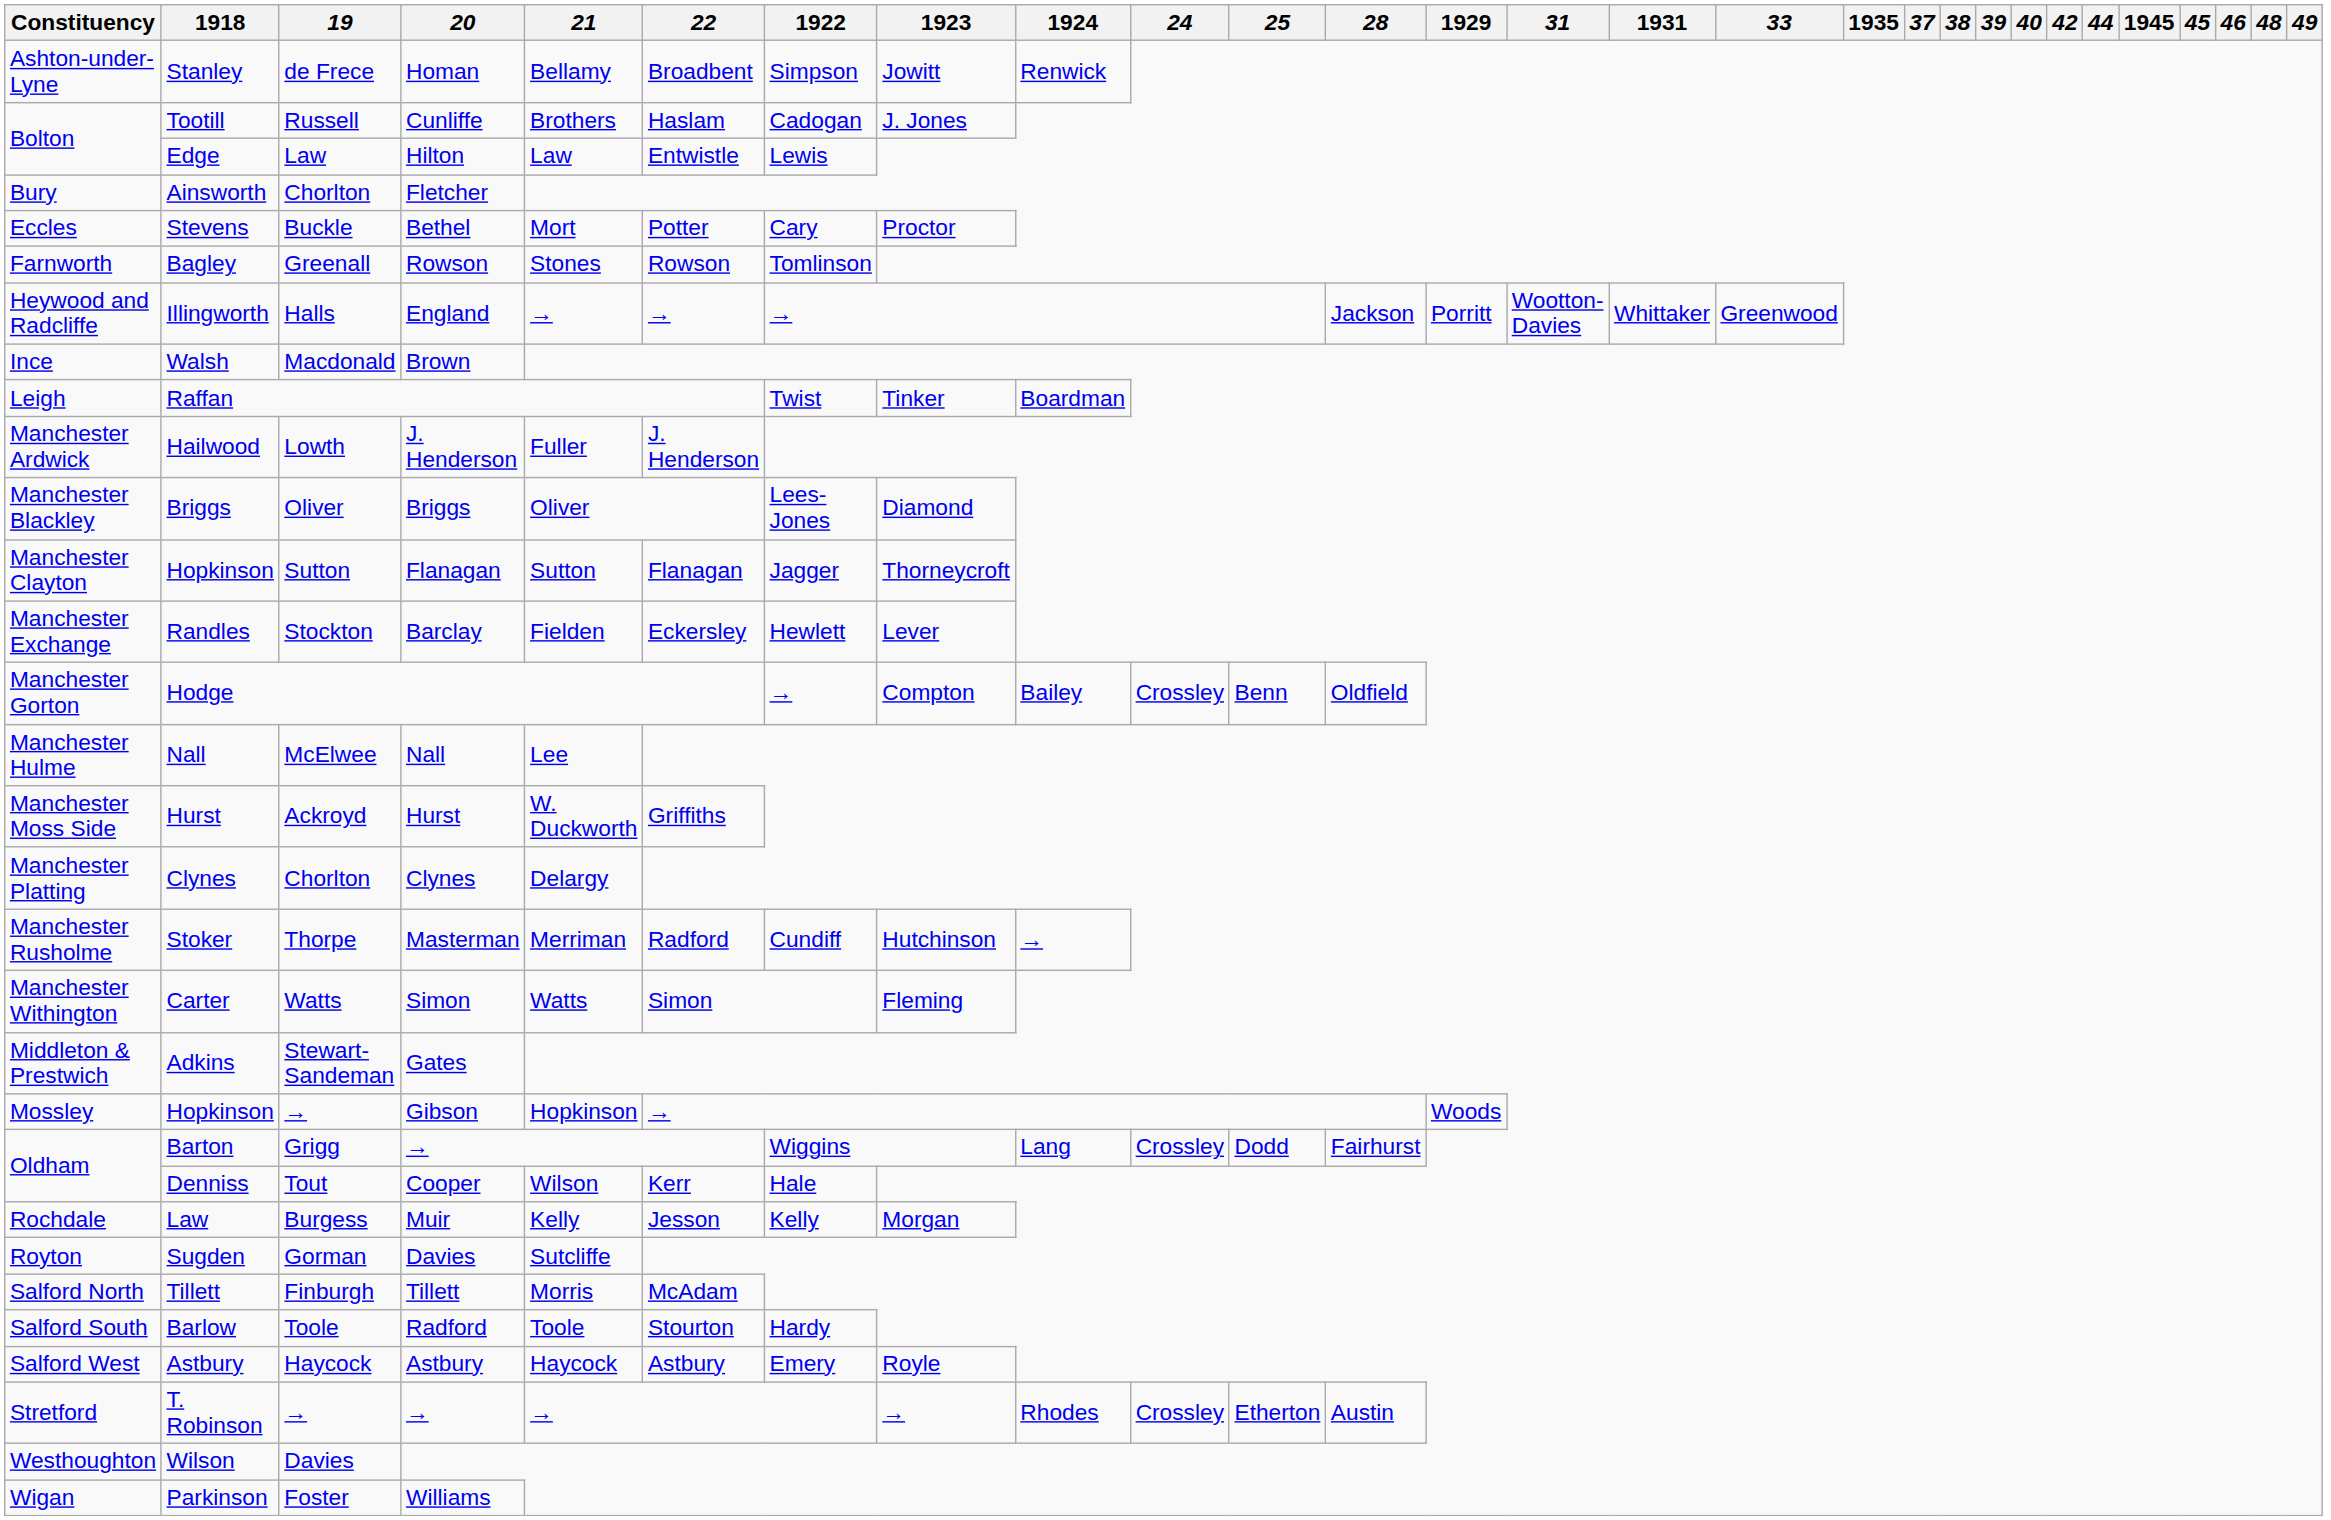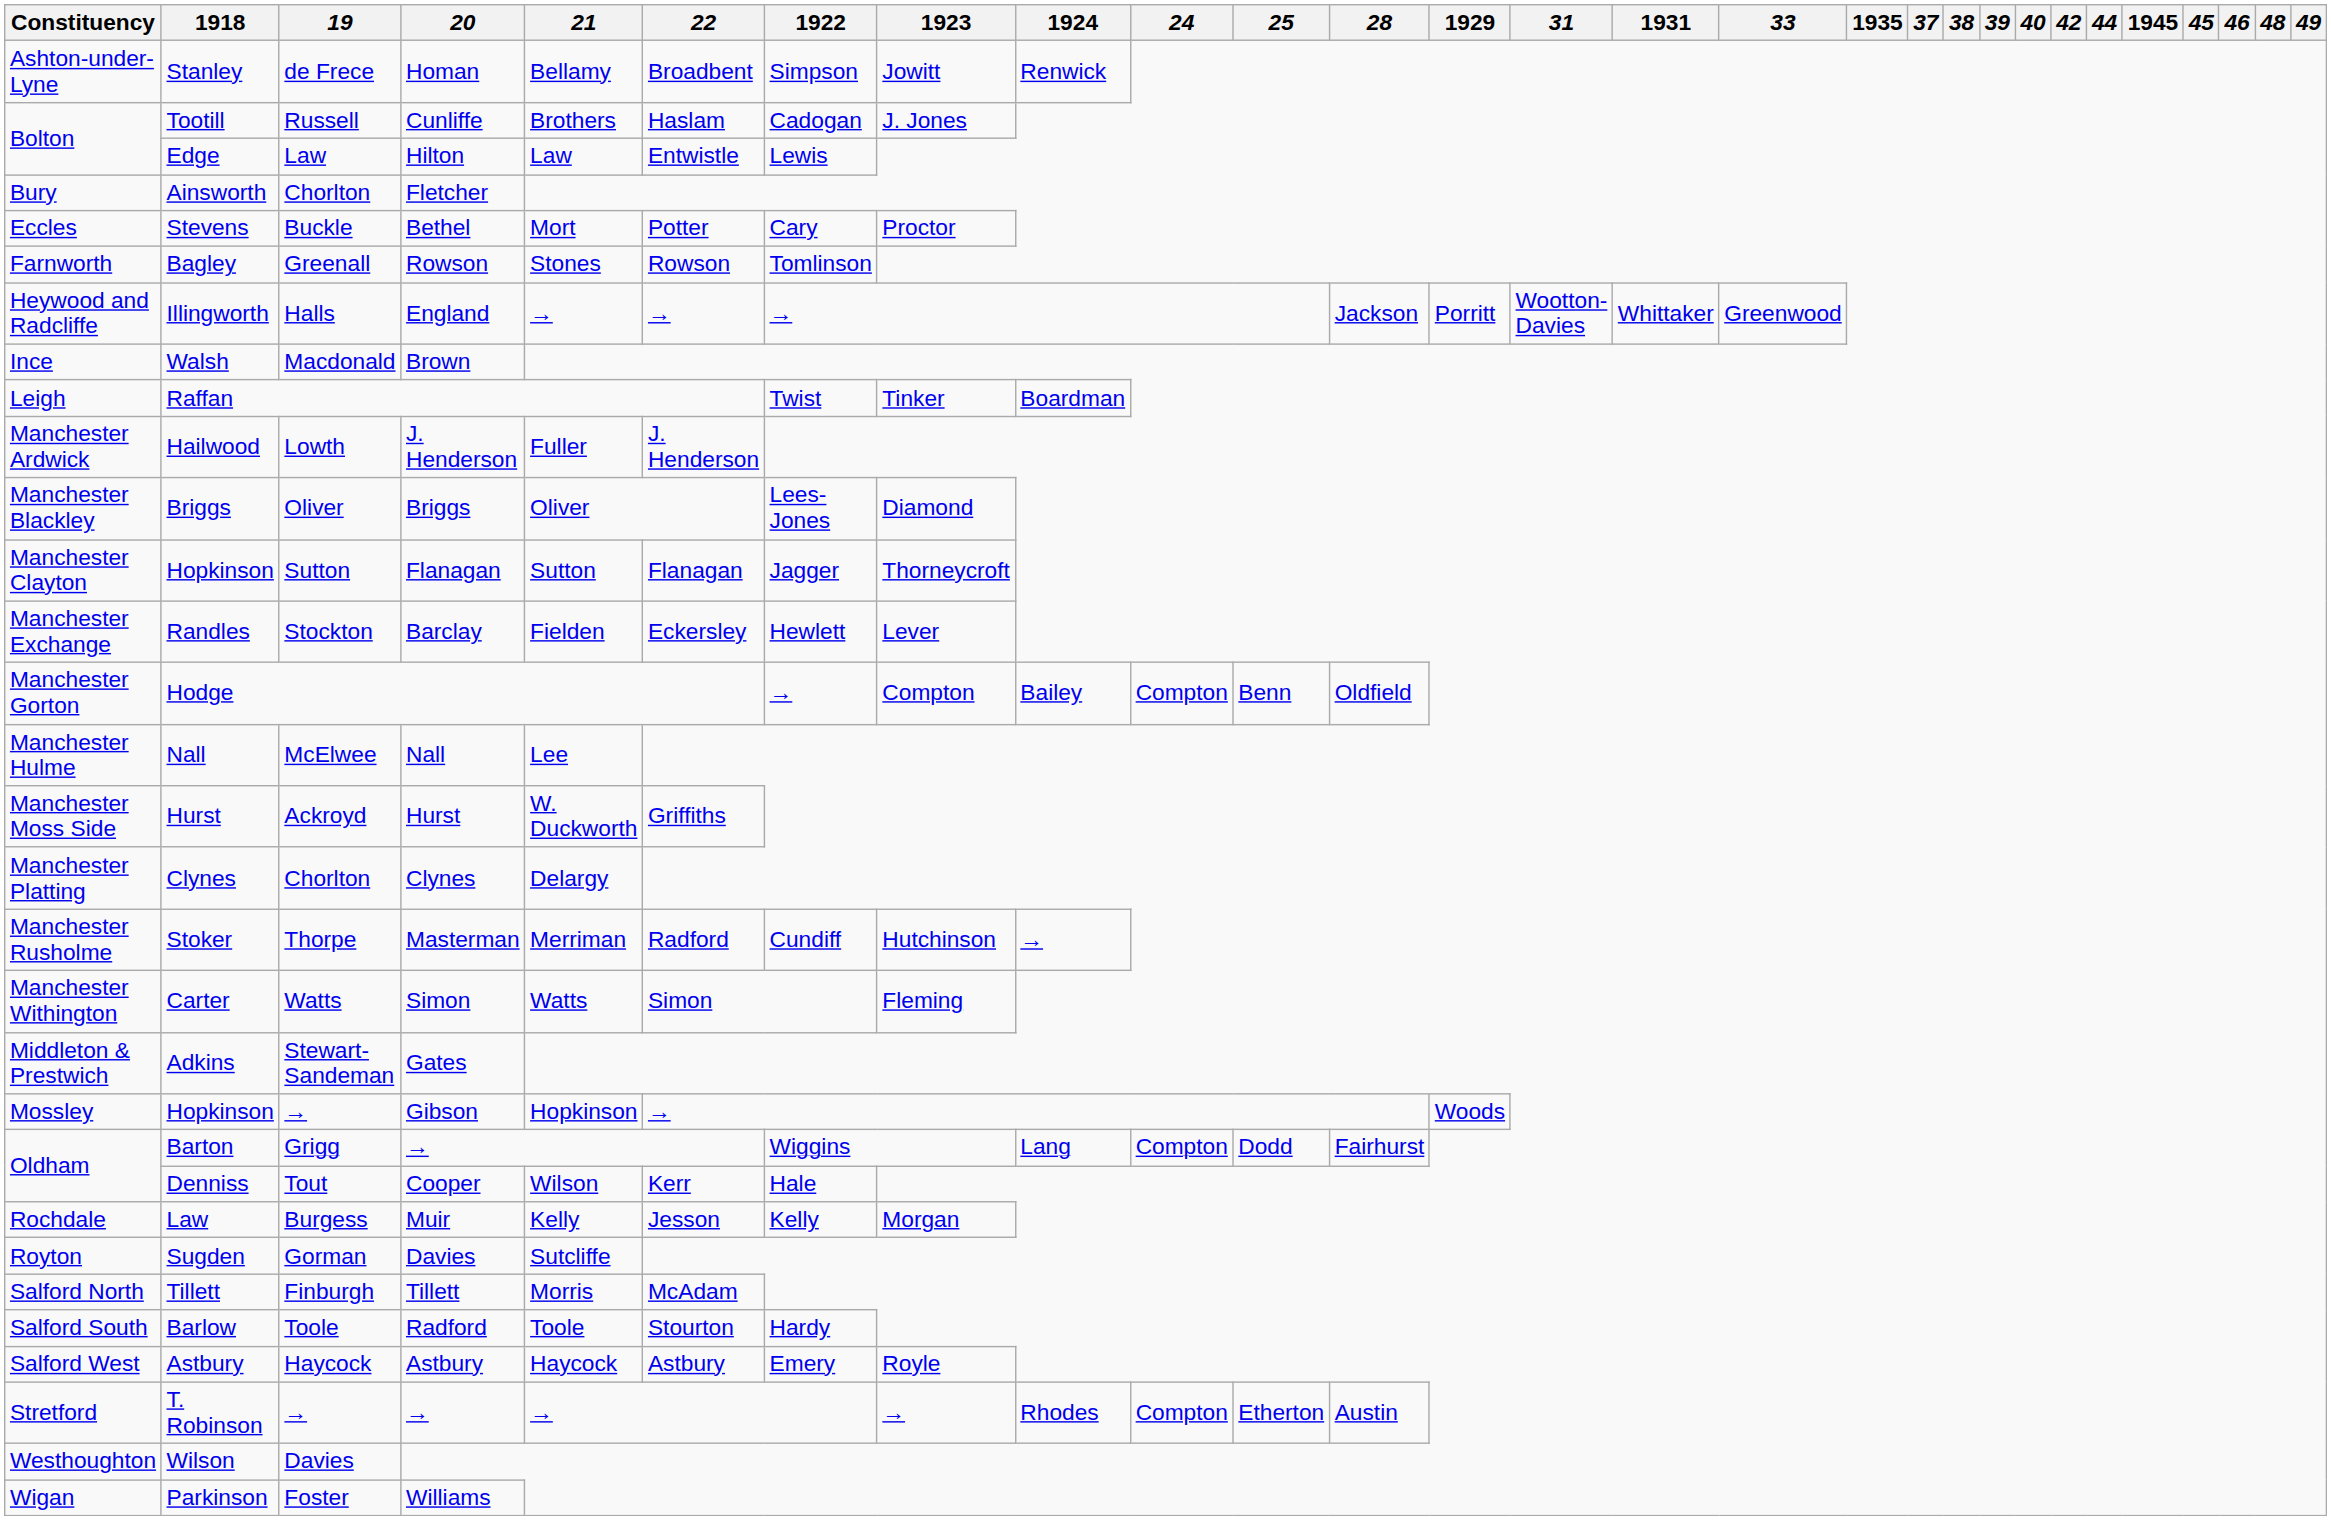 <table class="wikitable">
 <tr>
 <th>Constituency</th>
 <th>1918</th>
 <th><em>19</em></th>
 <th><em>20</em></th>
 <th><em>21</em></th>
 <th><em>22</em></th>
 <th>1922</th>
 <th>1923</th>
 <th>1924</th>
 <th><em>24</em></th>
 <th><em>25</em></th>
 <th><em>28</em></th>
 <th>1929</th>
 <th><em>31</em></th>
 <th>1931</th>
 <th><em>33</em></th>
 <th>1935</th>
 <th><em>37</em></th>
 <th><em>38</em></th>
 <th><em>39</em></th>
 <th><em>40</em></th>
 <th><em>42</em></th>
 <th><em>44</em></th>
 <th>1945</th>
 <th><em>45</em></th>
 <th><em>46</em></th>
 <th><em>48</em></th>
 <th><em>49</em></th>
 </tr>
 <tr>
 <td><a href='#'>Ashton-under-Lyne</a></td>
 <td><a href='#'>Stanley</a></td>
 <td><a href='#'>de Frece</a></td>
 <td><a href='#'>Homan</a></td>
 <td><a href='#'>Bellamy</a></td>
 <td><a href='#'>Broadbent</a></td>
 <td><a href='#'>Simpson</a></td>
 <td><a href='#'>Jowitt</a></td>
 <td><a href='#'>Renwick</a></td>
 </tr>
 <tr>
 <td rowspan="2"><a href='#'>Bolton</a></td>
 <td><a href='#'>Tootill</a></td>
 <td><a href='#'>Russell</a></td>
 <td><a href='#'>Cunliffe</a></td>
 <td><a href='#'>Brothers</a></td>
 <td><a href='#'>Haslam</a></td>
 <td><a href='#'>Cadogan</a></td>
 <td><a href='#'>J. Jones</a></td>
 </tr>
 <tr>
 <td><a href='#'>Edge</a></td>
 <td><a href='#'>Law</a></td>
 <td><a href='#'>Hilton</a></td>
 <td><a href='#'>Law</a></td>
 <td><a href='#'>Entwistle</a></td>
 <td><a href='#'>Lewis</a></td>
 </tr>
 <tr>
 <td><a href='#'>Bury</a></td>
 <td><a href='#'>Ainsworth</a></td>
 <td><a href='#'>Chorlton</a></td>
 <td><a href='#'>Fletcher</a></td>
 </tr>
 <tr>
 <td><a href='#'>Eccles</a></td>
 <td><a href='#'>Stevens</a></td>
 <td><a href='#'>Buckle</a></td>
 <td><a href='#'>Bethel</a></td>
 <td><a href='#'>Mort</a></td>
 <td><a href='#'>Potter</a></td>
 <td><a href='#'>Cary</a></td>
 <td><a href='#'>Proctor</a></td>
 </tr>
 <tr>
 <td><a href='#'>Farnworth</a></td>
 <td><a href='#'>Bagley</a></td>
 <td><a href='#'>Greenall</a></td>
 <td><a href='#'>Rowson</a></td>
 <td><a href='#'>Stones</a></td>
 <td><a href='#'>Rowson</a></td>
 <td><a href='#'>Tomlinson</a></td>
 </tr>
 <tr>
 <td><a href='#'>Heywood and Radcliffe</a></td>
 <td><a href='#'>Illingworth</a></td>
 <td><a href='#'>Halls</a></td>
 <td><a href='#'>England</a></td>
 <td><a href='#'>→</a></td>
 <td><a href='#'>→</a></td>
 <td colspan="5"><a href='#'>→</a></td>
 <td><a href='#'>Jackson</a></td>
 <td><a href='#'>Porritt</a></td>
 <td><a href='#'>Wootton-Davies</a></td>
 <td><a href='#'>Whittaker</a></td>
 <td><a href='#'>Greenwood</a></td>
 </tr>
 <tr>
 <td><a href='#'>Ince</a></td>
 <td><a href='#'>Walsh</a></td>
 <td><a href='#'>Macdonald</a></td>
 <td><a href='#'>Brown</a></td>
 </tr>
 <tr>
 <td><a href='#'>Leigh</a></td>
 <td colspan="5"><a href='#'>Raffan</a></td>
 <td><a href='#'>Twist</a></td>
 <td><a href='#'>Tinker</a></td>
 <td><a href='#'>Boardman</a></td>
 </tr>
 <tr>
 <td><a href='#'>Manchester Ardwick</a></td>
 <td><a href='#'>Hailwood</a></td>
 <td><a href='#'>Lowth</a></td>
 <td><a href='#'>J. Henderson</a></td>
 <td><a href='#'>Fuller</a></td>
 <td><a href='#'>J. Henderson</a></td>
 </tr>
 <tr>
 <td><a href='#'>Manchester Blackley</a></td>
 <td><a href='#'>Briggs</a></td>
 <td><a href='#'>Oliver</a></td>
 <td><a href='#'>Briggs</a></td>
 <td colspan="2"><a href='#'>Oliver</a></td>
 <td><a href='#'>Lees-Jones</a></td>
 <td><a href='#'>Diamond</a></td>
 </tr>
 <tr>
 <td><a href='#'>Manchester Clayton</a></td>
 <td><a href='#'>Hopkinson</a></td>
 <td><a href='#'>Sutton</a></td>
 <td><a href='#'>Flanagan</a></td>
 <td><a href='#'>Sutton</a></td>
 <td><a href='#'>Flanagan</a></td>
 <td><a href='#'>Jagger</a></td>
 <td><a href='#'>Thorneycroft</a></td>
 </tr>
 <tr>
 <td><a href='#'>Manchester Exchange</a></td>
 <td><a href='#'>Randles</a></td>
 <td><a href='#'>Stockton</a></td>
 <td><a href='#'>Barclay</a></td>
 <td><a href='#'>Fielden</a></td>
 <td><a href='#'>Eckersley</a></td>
 <td><a href='#'>Hewlett</a></td>
 <td><a href='#'>Lever</a></td>
 </tr>
 <tr>
 <td><a href='#'>Manchester Gorton</a></td>
 <td colspan="5"><a href='#'>Hodge</a></td>
 <td><a href='#'>→</a></td>
 <td><a href='#'>Compton</a></td>
 <td><a href='#'>Bailey</a></td>
-<td><a href='#'>Crossley</a></td>
+<td><a href='#'>Compton</a></td>
 <td><a href='#'>Benn</a></td>
 <td><a href='#'>Oldfield</a></td>
 </tr>
 <tr>
 <td><a href='#'>Manchester Hulme</a></td>
 <td><a href='#'>Nall</a></td>
 <td><a href='#'>McElwee</a></td>
 <td><a href='#'>Nall</a></td>
 <td><a href='#'>Lee</a></td>
 </tr>
 <tr>
 <td><a href='#'>Manchester Moss Side</a></td>
 <td><a href='#'>Hurst</a></td>
 <td><a href='#'>Ackroyd</a></td>
 <td><a href='#'>Hurst</a></td>
 <td><a href='#'>W. Duckworth</a></td>
 <td><a href='#'>Griffiths</a></td>
 </tr>
 <tr>
 <td><a href='#'>Manchester Platting</a></td>
 <td><a href='#'>Clynes</a></td>
 <td><a href='#'>Chorlton</a></td>
 <td><a href='#'>Clynes</a></td>
 <td><a href='#'>Delargy</a></td>
 </tr>
 <tr>
 <td><a href='#'>Manchester Rusholme</a></td>
 <td><a href='#'>Stoker</a></td>
 <td><a href='#'>Thorpe</a></td>
 <td><a href='#'>Masterman</a></td>
 <td><a href='#'>Merriman</a></td>
 <td><a href='#'>Radford</a></td>
 <td><a href='#'>Cundiff</a></td>
 <td><a href='#'>Hutchinson</a></td>
 <td><a href='#'>→</a></td>
 </tr>
 <tr>
 <td><a href='#'>Manchester Withington</a></td>
 <td><a href='#'>Carter</a></td>
 <td><a href='#'>Watts</a></td>
 <td><a href='#'>Simon</a></td>
 <td><a href='#'>Watts</a></td>
 <td colspan="2"><a href='#'>Simon</a></td>
 <td><a href='#'>Fleming</a></td>
 </tr>
 <tr>
 <td><a href='#'>Middleton & Prestwich</a></td>
 <td><a href='#'>Adkins</a></td>
 <td><a href='#'>Stewart-Sandeman</a></td>
 <td><a href='#'>Gates</a></td>
 </tr>
 <tr>
 <td><a href='#'>Mossley</a></td>
 <td><a href='#'>Hopkinson</a></td>
 <td><a href='#'>→</a></td>
 <td><a href='#'>Gibson</a></td>
 <td><a href='#'>Hopkinson</a></td>
 <td colspan="7"><a href='#'>→</a></td>
 <td><a href='#'>Woods</a></td>
 </tr>
 <tr>
 <td rowspan="2"><a href='#'>Oldham</a></td>
 <td><a href='#'>Barton</a></td>
 <td><a href='#'>Grigg</a></td>
 <td colspan="3"><a href='#'>→</a></td>
 <td colspan="2"><a href='#'>Wiggins</a></td>
 <td><a href='#'>Lang</a></td>
-<td><a href='#'>Crossley</a></td>
+<td><a href='#'>Compton</a></td>
 <td><a href='#'>Dodd</a></td>
 <td><a href='#'>Fairhurst</a></td>
 </tr>
 <tr>
 <td><a href='#'>Denniss</a></td>
 <td><a href='#'>Tout</a></td>
 <td><a href='#'>Cooper</a></td>
 <td><a href='#'>Wilson</a></td>
 <td><a href='#'>Kerr</a></td>
 <td><a href='#'>Hale</a></td>
 </tr>
 <tr>
 <td><a href='#'>Rochdale</a></td>
 <td><a href='#'>Law</a></td>
 <td><a href='#'>Burgess</a></td>
 <td><a href='#'>Muir</a></td>
 <td><a href='#'>Kelly</a></td>
 <td><a href='#'>Jesson</a></td>
 <td><a href='#'>Kelly</a></td>
 <td><a href='#'>Morgan</a></td>
 </tr>
 <tr>
 <td><a href='#'>Royton</a></td>
 <td><a href='#'>Sugden</a></td>
 <td><a href='#'>Gorman</a></td>
 <td><a href='#'>Davies</a></td>
 <td><a href='#'>Sutcliffe</a></td>
 </tr>
 <tr>
 <td><a href='#'>Salford North</a></td>
 <td><a href='#'>Tillett</a></td>
 <td><a href='#'>Finburgh</a></td>
 <td><a href='#'>Tillett</a></td>
 <td><a href='#'>Morris</a></td>
 <td><a href='#'>McAdam</a></td>
 </tr>
 <tr>
 <td><a href='#'>Salford South</a></td>
 <td><a href='#'>Barlow</a></td>
 <td><a href='#'>Toole</a></td>
 <td><a href='#'>Radford</a></td>
 <td><a href='#'>Toole</a></td>
 <td><a href='#'>Stourton</a></td>
 <td><a href='#'>Hardy</a></td>
 </tr>
 <tr>
 <td><a href='#'>Salford West</a></td>
 <td><a href='#'>Astbury</a></td>
 <td><a href='#'>Haycock</a></td>
 <td><a href='#'>Astbury</a></td>
 <td><a href='#'>Haycock</a></td>
 <td><a href='#'>Astbury</a></td>
 <td><a href='#'>Emery</a></td>
 <td><a href='#'>Royle</a></td>
 </tr>
 <tr>
 <td><a href='#'>Stretford</a></td>
 <td><a href='#'>T. Robinson</a></td>
 <td><a href='#'>→</a></td>
 <td><a href='#'>→</a></td>
 <td colspan="3"><a href='#'>→</a></td>
 <td><a href='#'>→</a></td>
 <td><a href='#'>Rhodes</a></td>
-<td><a href='#'>Crossley</a></td>
+<td><a href='#'>Compton</a></td>
 <td><a href='#'>Etherton</a></td>
 <td><a href='#'>Austin</a></td>
 </tr>
 <tr>
 <td><a href='#'>Westhoughton</a></td>
 <td><a href='#'>Wilson</a></td>
 <td><a href='#'>Davies</a></td>
 </tr>
 <tr>
 <td><a href='#'>Wigan</a></td>
 <td><a href='#'>Parkinson</a></td>
 <td><a href='#'>Foster</a></td>
 <td><a href='#'>Williams</a></td>
 </tr>
 </table>
